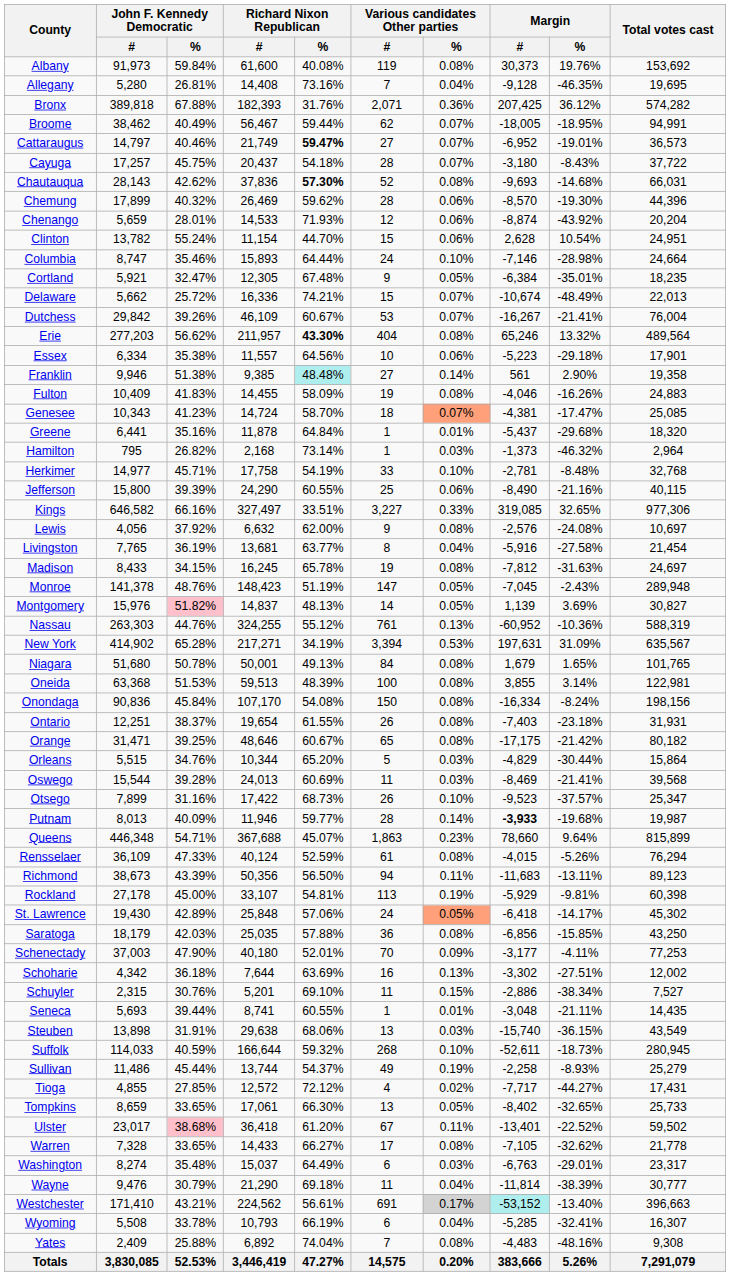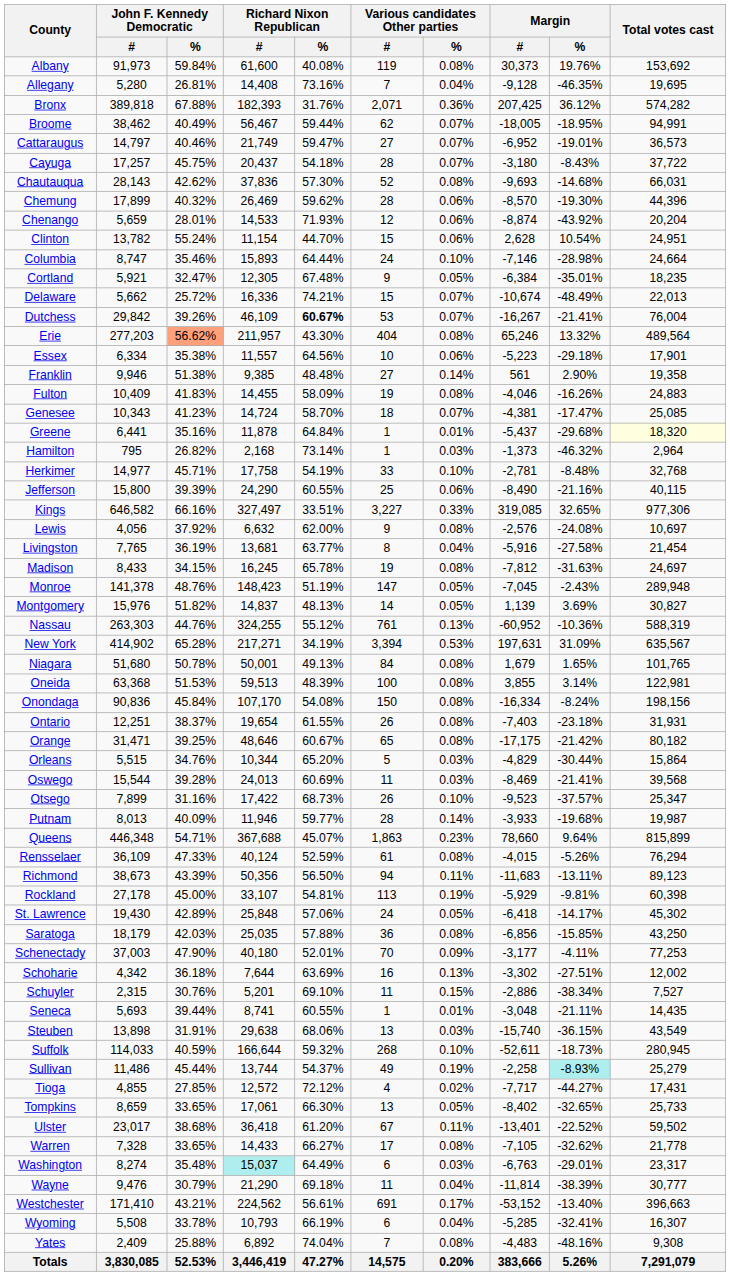 <table width="60%"  class="wikitable sortable" style="text-align:center">
 <tr>
 <th style="text-align:center;" rowspan="2">County</th>
 <th style="text-align:center;" colspan="2">John F. Kennedy<br>Democratic</th>
 <th style="text-align:center;" colspan="2">Richard Nixon<br>Republican</th>
 <th style="text-align:center;" colspan="2">Various candidates<br>Other parties</th>
 <th style="text-align:center;" colspan="2">Margin</th>
 <th style="text-align:center;" rowspan="2">Total votes cast</th>
 </tr>
 <tr>
 <th style="text-align:center;" data-sort-type="number">#</th>
 <th style="text-align:center;" data-sort-type="number">%</th>
 <th style="text-align:center;" data-sort-type="number">#</th>
 <th style="text-align:center;" data-sort-type="number">%</th>
 <th style="text-align:center;" data-sort-type="number">#</th>
 <th style="text-align:center;" data-sort-type="number">%</th>
 <th style="text-align:center;" data-sort-type="number">#</th>
 <th style="text-align:center;" data-sort-type="number">%</th>
 </tr>
 <tr style="text-align:center;">
 <td><a href='#'>Albany</a></td>
 <td>91,973</td>
 <td>59.84%</td>
 <td>61,600</td>
 <td>40.08%</td>
 <td>119</td>
 <td>0.08%</td>
 <td>30,373</td>
 <td>19.76%</td>
 <td>153,692</td>
 </tr>
 <tr style="text-align:center;">
 <td><a href='#'>Allegany</a></td>
 <td>5,280</td>
 <td>26.81%</td>
 <td>14,408</td>
 <td>73.16%</td>
 <td>7</td>
 <td>0.04%</td>
 <td>-9,128</td>
 <td>-46.35%</td>
 <td>19,695</td>
 </tr>
 <tr style="text-align:center;">
 <td><a href='#'>Bronx</a></td>
 <td>389,818</td>
 <td>67.88%</td>
 <td>182,393</td>
 <td>31.76%</td>
 <td>2,071</td>
 <td>0.36%</td>
 <td>207,425</td>
 <td>36.12%</td>
 <td>574,282</td>
 </tr>
 <tr style="text-align:center;">
 <td><a href='#'>Broome</a></td>
 <td>38,462</td>
 <td>40.49%</td>
 <td>56,467</td>
 <td>59.44%</td>
 <td>62</td>
 <td>0.07%</td>
 <td>-18,005</td>
 <td>-18.95%</td>
 <td>94,991</td>
 </tr>
 <tr style="text-align:center;">
 <td><a href='#'>Cattaraugus</a></td>
 <td>14,797</td>
 <td>40.46%</td>
 <td>21,749</td>
-<td><strong>59.47%</strong></td>
+<td>59.47%</td>
 <td>27</td>
 <td>0.07%</td>
 <td>-6,952</td>
 <td>-19.01%</td>
 <td>36,573</td>
 </tr>
 <tr style="text-align:center;">
 <td><a href='#'>Cayuga</a></td>
 <td>17,257</td>
 <td>45.75%</td>
 <td>20,437</td>
 <td>54.18%</td>
 <td>28</td>
 <td>0.07%</td>
 <td>-3,180</td>
 <td>-8.43%</td>
 <td>37,722</td>
 </tr>
 <tr style="text-align:center;">
 <td><a href='#'>Chautauqua</a></td>
 <td>28,143</td>
 <td>42.62%</td>
 <td>37,836</td>
-<td><strong>57.30%</strong></td>
+<td>57.30%</td>
 <td>52</td>
 <td>0.08%</td>
 <td>-9,693</td>
 <td>-14.68%</td>
 <td>66,031</td>
 </tr>
 <tr style="text-align:center;">
 <td><a href='#'>Chemung</a></td>
 <td>17,899</td>
 <td>40.32%</td>
 <td>26,469</td>
 <td>59.62%</td>
 <td>28</td>
 <td>0.06%</td>
 <td>-8,570</td>
 <td>-19.30%</td>
 <td>44,396</td>
 </tr>
 <tr style="text-align:center;">
 <td><a href='#'>Chenango</a></td>
 <td>5,659</td>
 <td>28.01%</td>
 <td>14,533</td>
 <td>71.93%</td>
 <td>12</td>
 <td>0.06%</td>
 <td>-8,874</td>
 <td>-43.92%</td>
 <td>20,204</td>
 </tr>
 <tr style="text-align:center;">
 <td><a href='#'>Clinton</a></td>
 <td>13,782</td>
 <td>55.24%</td>
 <td>11,154</td>
 <td>44.70%</td>
 <td>15</td>
 <td>0.06%</td>
 <td>2,628</td>
 <td>10.54%</td>
 <td>24,951</td>
 </tr>
 <tr style="text-align:center;">
 <td><a href='#'>Columbia</a></td>
 <td>8,747</td>
 <td>35.46%</td>
 <td>15,893</td>
 <td>64.44%</td>
 <td>24</td>
 <td>0.10%</td>
 <td>-7,146</td>
 <td>-28.98%</td>
 <td>24,664</td>
 </tr>
 <tr style="text-align:center;">
 <td><a href='#'>Cortland</a></td>
 <td>5,921</td>
 <td>32.47%</td>
 <td>12,305</td>
 <td>67.48%</td>
 <td>9</td>
 <td>0.05%</td>
 <td>-6,384</td>
 <td>-35.01%</td>
 <td>18,235</td>
 </tr>
 <tr style="text-align:center;">
 <td><a href='#'>Delaware</a></td>
 <td>5,662</td>
 <td>25.72%</td>
 <td>16,336</td>
 <td>74.21%</td>
 <td>15</td>
 <td>0.07%</td>
 <td>-10,674</td>
 <td>-48.49%</td>
 <td>22,013</td>
 </tr>
 <tr style="text-align:center;">
 <td><a href='#'>Dutchess</a></td>
 <td>29,842</td>
 <td>39.26%</td>
 <td>46,109</td>
-<td>60.67%</td>
+<td><strong>60.67%</strong></td>
 <td>53</td>
 <td>0.07%</td>
 <td>-16,267</td>
 <td>-21.41%</td>
 <td>76,004</td>
 </tr>
 <tr style="text-align:center;">
 <td><a href='#'>Erie</a></td>
 <td>277,203</td>
-<td>56.62%</td>
+<td style="background: lightsalmon;">56.62%</td>
 <td>211,957</td>
-<td><strong>43.30%</strong></td>
+<td>43.30%</td>
 <td>404</td>
 <td>0.08%</td>
 <td>65,246</td>
 <td>13.32%</td>
 <td>489,564</td>
 </tr>
 <tr style="text-align:center;">
 <td><a href='#'>Essex</a></td>
 <td>6,334</td>
 <td>35.38%</td>
 <td>11,557</td>
 <td>64.56%</td>
 <td>10</td>
 <td>0.06%</td>
 <td>-5,223</td>
 <td>-29.18%</td>
 <td>17,901</td>
 </tr>
 <tr style="text-align:center;">
 <td><a href='#'>Franklin</a></td>
 <td>9,946</td>
 <td>51.38%</td>
 <td>9,385</td>
-<td style="background: paleturquoise;">48.48%</td>
+<td>48.48%</td>
 <td>27</td>
 <td>0.14%</td>
 <td>561</td>
 <td>2.90%</td>
 <td>19,358</td>
 </tr>
 <tr style="text-align:center;">
 <td><a href='#'>Fulton</a></td>
 <td>10,409</td>
 <td>41.83%</td>
 <td>14,455</td>
 <td>58.09%</td>
 <td>19</td>
 <td>0.08%</td>
 <td>-4,046</td>
 <td>-16.26%</td>
 <td>24,883</td>
 </tr>
 <tr style="text-align:center;">
 <td><a href='#'>Genesee</a></td>
 <td>10,343</td>
 <td>41.23%</td>
 <td>14,724</td>
 <td>58.70%</td>
 <td>18</td>
-<td style="background: lightsalmon;">0.07%</td>
+<td>0.07%</td>
 <td>-4,381</td>
 <td>-17.47%</td>
 <td>25,085</td>
 </tr>
 <tr style="text-align:center;">
 <td><a href='#'>Greene</a></td>
 <td>6,441</td>
 <td>35.16%</td>
 <td>11,878</td>
 <td>64.84%</td>
 <td>1</td>
 <td>0.01%</td>
 <td>-5,437</td>
 <td>-29.68%</td>
-<td>18,320</td>
+<td style="background: lightyellow;">18,320</td>
 </tr>
 <tr style="text-align:center;">
 <td><a href='#'>Hamilton</a></td>
 <td>795</td>
 <td>26.82%</td>
 <td>2,168</td>
 <td>73.14%</td>
 <td>1</td>
 <td>0.03%</td>
 <td>-1,373</td>
 <td>-46.32%</td>
 <td>2,964</td>
 </tr>
 <tr style="text-align:center;">
 <td><a href='#'>Herkimer</a></td>
 <td>14,977</td>
 <td>45.71%</td>
 <td>17,758</td>
 <td>54.19%</td>
 <td>33</td>
 <td>0.10%</td>
 <td>-2,781</td>
 <td>-8.48%</td>
 <td>32,768</td>
 </tr>
 <tr style="text-align:center;">
 <td><a href='#'>Jefferson</a></td>
 <td>15,800</td>
 <td>39.39%</td>
 <td>24,290</td>
 <td>60.55%</td>
 <td>25</td>
 <td>0.06%</td>
 <td>-8,490</td>
 <td>-21.16%</td>
 <td>40,115</td>
 </tr>
 <tr style="text-align:center;">
 <td><a href='#'>Kings</a></td>
 <td>646,582</td>
 <td>66.16%</td>
 <td>327,497</td>
 <td>33.51%</td>
 <td>3,227</td>
 <td>0.33%</td>
 <td>319,085</td>
 <td>32.65%</td>
 <td>977,306</td>
 </tr>
 <tr style="text-align:center;">
 <td><a href='#'>Lewis</a></td>
 <td>4,056</td>
 <td>37.92%</td>
 <td>6,632</td>
 <td>62.00%</td>
 <td>9</td>
 <td>0.08%</td>
 <td>-2,576</td>
 <td>-24.08%</td>
 <td>10,697</td>
 </tr>
 <tr style="text-align:center;">
 <td><a href='#'>Livingston</a></td>
 <td>7,765</td>
 <td>36.19%</td>
 <td>13,681</td>
 <td>63.77%</td>
 <td>8</td>
 <td>0.04%</td>
 <td>-5,916</td>
 <td>-27.58%</td>
 <td>21,454</td>
 </tr>
 <tr style="text-align:center;">
 <td><a href='#'>Madison</a></td>
 <td>8,433</td>
 <td>34.15%</td>
 <td>16,245</td>
 <td>65.78%</td>
 <td>19</td>
 <td>0.08%</td>
 <td>-7,812</td>
 <td>-31.63%</td>
 <td>24,697</td>
 </tr>
 <tr style="text-align:center;">
 <td><a href='#'>Monroe</a></td>
 <td>141,378</td>
 <td>48.76%</td>
 <td>148,423</td>
 <td>51.19%</td>
 <td>147</td>
 <td>0.05%</td>
 <td>-7,045</td>
 <td>-2.43%</td>
 <td>289,948</td>
 </tr>
 <tr style="text-align:center;">
 <td><a href='#'>Montgomery</a></td>
 <td>15,976</td>
-<td style="background: pink;">51.82%</td>
+<td>51.82%</td>
 <td>14,837</td>
 <td>48.13%</td>
 <td>14</td>
 <td>0.05%</td>
 <td>1,139</td>
 <td>3.69%</td>
 <td>30,827</td>
 </tr>
 <tr style="text-align:center;">
 <td><a href='#'>Nassau</a></td>
 <td>263,303</td>
 <td>44.76%</td>
 <td>324,255</td>
 <td>55.12%</td>
 <td>761</td>
 <td>0.13%</td>
 <td>-60,952</td>
 <td>-10.36%</td>
 <td>588,319</td>
 </tr>
 <tr style="text-align:center;">
 <td><a href='#'>New York</a></td>
 <td>414,902</td>
 <td>65.28%</td>
 <td>217,271</td>
 <td>34.19%</td>
 <td>3,394</td>
 <td>0.53%</td>
 <td>197,631</td>
 <td>31.09%</td>
 <td>635,567</td>
 </tr>
 <tr style="text-align:center;">
 <td><a href='#'>Niagara</a></td>
 <td>51,680</td>
 <td>50.78%</td>
 <td>50,001</td>
 <td>49.13%</td>
 <td>84</td>
 <td>0.08%</td>
 <td>1,679</td>
 <td>1.65%</td>
 <td>101,765</td>
 </tr>
 <tr style="text-align:center;">
 <td><a href='#'>Oneida</a></td>
 <td>63,368</td>
 <td>51.53%</td>
 <td>59,513</td>
 <td>48.39%</td>
 <td>100</td>
 <td>0.08%</td>
 <td>3,855</td>
 <td>3.14%</td>
 <td>122,981</td>
 </tr>
 <tr style="text-align:center;">
 <td><a href='#'>Onondaga</a></td>
 <td>90,836</td>
 <td>45.84%</td>
 <td>107,170</td>
 <td>54.08%</td>
 <td>150</td>
 <td>0.08%</td>
 <td>-16,334</td>
 <td>-8.24%</td>
 <td>198,156</td>
 </tr>
 <tr style="text-align:center;">
 <td><a href='#'>Ontario</a></td>
 <td>12,251</td>
 <td>38.37%</td>
 <td>19,654</td>
 <td>61.55%</td>
 <td>26</td>
 <td>0.08%</td>
 <td>-7,403</td>
 <td>-23.18%</td>
 <td>31,931</td>
 </tr>
 <tr style="text-align:center;">
 <td><a href='#'>Orange</a></td>
 <td>31,471</td>
 <td>39.25%</td>
 <td>48,646</td>
 <td>60.67%</td>
 <td>65</td>
 <td>0.08%</td>
 <td>-17,175</td>
 <td>-21.42%</td>
 <td>80,182</td>
 </tr>
 <tr style="text-align:center;">
 <td><a href='#'>Orleans</a></td>
 <td>5,515</td>
 <td>34.76%</td>
 <td>10,344</td>
 <td>65.20%</td>
 <td>5</td>
 <td>0.03%</td>
 <td>-4,829</td>
 <td>-30.44%</td>
 <td>15,864</td>
 </tr>
 <tr style="text-align:center;">
 <td><a href='#'>Oswego</a></td>
 <td>15,544</td>
 <td>39.28%</td>
 <td>24,013</td>
 <td>60.69%</td>
 <td>11</td>
 <td>0.03%</td>
 <td>-8,469</td>
 <td>-21.41%</td>
 <td>39,568</td>
 </tr>
 <tr style="text-align:center;">
 <td><a href='#'>Otsego</a></td>
 <td>7,899</td>
 <td>31.16%</td>
 <td>17,422</td>
 <td>68.73%</td>
 <td>26</td>
 <td>0.10%</td>
 <td>-9,523</td>
 <td>-37.57%</td>
 <td>25,347</td>
 </tr>
 <tr style="text-align:center;">
 <td><a href='#'>Putnam</a></td>
 <td>8,013</td>
 <td>40.09%</td>
 <td>11,946</td>
 <td>59.77%</td>
 <td>28</td>
 <td>0.14%</td>
-<td><strong>-3,933</strong></td>
+<td>-3,933</td>
 <td>-19.68%</td>
 <td>19,987</td>
 </tr>
 <tr style="text-align:center;">
 <td><a href='#'>Queens</a></td>
 <td>446,348</td>
 <td>54.71%</td>
 <td>367,688</td>
 <td>45.07%</td>
 <td>1,863</td>
 <td>0.23%</td>
 <td>78,660</td>
 <td>9.64%</td>
 <td>815,899</td>
 </tr>
 <tr style="text-align:center;">
 <td><a href='#'>Rensselaer</a></td>
 <td>36,109</td>
 <td>47.33%</td>
 <td>40,124</td>
 <td>52.59%</td>
 <td>61</td>
 <td>0.08%</td>
 <td>-4,015</td>
 <td>-5.26%</td>
 <td>76,294</td>
 </tr>
 <tr style="text-align:center;">
 <td><a href='#'>Richmond</a></td>
 <td>38,673</td>
 <td>43.39%</td>
 <td>50,356</td>
 <td>56.50%</td>
 <td>94</td>
 <td>0.11%</td>
 <td>-11,683</td>
 <td>-13.11%</td>
 <td>89,123</td>
 </tr>
 <tr style="text-align:center;">
 <td><a href='#'>Rockland</a></td>
 <td>27,178</td>
 <td>45.00%</td>
 <td>33,107</td>
 <td>54.81%</td>
 <td>113</td>
 <td>0.19%</td>
 <td>-5,929</td>
 <td>-9.81%</td>
 <td>60,398</td>
 </tr>
 <tr style="text-align:center;">
 <td><a href='#'>St. Lawrence</a></td>
 <td>19,430</td>
 <td>42.89%</td>
 <td>25,848</td>
 <td>57.06%</td>
 <td>24</td>
-<td style="background: lightsalmon;">0.05%</td>
+<td>0.05%</td>
 <td>-6,418</td>
 <td>-14.17%</td>
 <td>45,302</td>
 </tr>
 <tr style="text-align:center;">
 <td><a href='#'>Saratoga</a></td>
 <td>18,179</td>
 <td>42.03%</td>
 <td>25,035</td>
 <td>57.88%</td>
 <td>36</td>
 <td>0.08%</td>
 <td>-6,856</td>
 <td>-15.85%</td>
 <td>43,250</td>
 </tr>
 <tr style="text-align:center;">
 <td><a href='#'>Schenectady</a></td>
 <td>37,003</td>
 <td>47.90%</td>
 <td>40,180</td>
 <td>52.01%</td>
 <td>70</td>
 <td>0.09%</td>
 <td>-3,177</td>
 <td>-4.11%</td>
 <td>77,253</td>
 </tr>
 <tr style="text-align:center;">
 <td><a href='#'>Schoharie</a></td>
 <td>4,342</td>
 <td>36.18%</td>
 <td>7,644</td>
 <td>63.69%</td>
 <td>16</td>
 <td>0.13%</td>
 <td>-3,302</td>
 <td>-27.51%</td>
 <td>12,002</td>
 </tr>
 <tr style="text-align:center;">
 <td><a href='#'>Schuyler</a></td>
 <td>2,315</td>
 <td>30.76%</td>
 <td>5,201</td>
 <td>69.10%</td>
 <td>11</td>
 <td>0.15%</td>
 <td>-2,886</td>
 <td>-38.34%</td>
 <td>7,527</td>
 </tr>
 <tr style="text-align:center;">
 <td><a href='#'>Seneca</a></td>
 <td>5,693</td>
 <td>39.44%</td>
 <td>8,741</td>
 <td>60.55%</td>
 <td>1</td>
 <td>0.01%</td>
 <td>-3,048</td>
 <td>-21.11%</td>
 <td>14,435</td>
 </tr>
 <tr style="text-align:center;">
 <td><a href='#'>Steuben</a></td>
 <td>13,898</td>
 <td>31.91%</td>
 <td>29,638</td>
 <td>68.06%</td>
 <td>13</td>
 <td>0.03%</td>
 <td>-15,740</td>
 <td>-36.15%</td>
 <td>43,549</td>
 </tr>
 <tr style="text-align:center;">
 <td><a href='#'>Suffolk</a></td>
 <td>114,033</td>
 <td>40.59%</td>
 <td>166,644</td>
 <td>59.32%</td>
 <td>268</td>
 <td>0.10%</td>
 <td>-52,611</td>
 <td>-18.73%</td>
 <td>280,945</td>
 </tr>
 <tr style="text-align:center;">
 <td><a href='#'>Sullivan</a></td>
 <td>11,486</td>
 <td>45.44%</td>
 <td>13,744</td>
 <td>54.37%</td>
 <td>49</td>
 <td>0.19%</td>
 <td>-2,258</td>
-<td>-8.93%</td>
+<td style="background: paleturquoise;">-8.93%</td>
 <td>25,279</td>
 </tr>
 <tr style="text-align:center;">
 <td><a href='#'>Tioga</a></td>
 <td>4,855</td>
 <td>27.85%</td>
 <td>12,572</td>
 <td>72.12%</td>
 <td>4</td>
 <td>0.02%</td>
 <td>-7,717</td>
 <td>-44.27%</td>
 <td>17,431</td>
 </tr>
 <tr style="text-align:center;">
 <td><a href='#'>Tompkins</a></td>
 <td>8,659</td>
 <td>33.65%</td>
 <td>17,061</td>
 <td>66.30%</td>
 <td>13</td>
 <td>0.05%</td>
 <td>-8,402</td>
 <td>-32.65%</td>
 <td>25,733</td>
 </tr>
 <tr style="text-align:center;">
 <td><a href='#'>Ulster</a></td>
 <td>23,017</td>
-<td style="background: pink;">38.68%</td>
+<td>38.68%</td>
 <td>36,418</td>
 <td>61.20%</td>
 <td>67</td>
 <td>0.11%</td>
 <td>-13,401</td>
 <td>-22.52%</td>
 <td>59,502</td>
 </tr>
 <tr style="text-align:center;">
 <td><a href='#'>Warren</a></td>
 <td>7,328</td>
 <td>33.65%</td>
 <td>14,433</td>
 <td>66.27%</td>
 <td>17</td>
 <td>0.08%</td>
 <td>-7,105</td>
 <td>-32.62%</td>
 <td>21,778</td>
 </tr>
 <tr style="text-align:center;">
 <td><a href='#'>Washington</a></td>
 <td>8,274</td>
 <td>35.48%</td>
-<td>15,037</td>
+<td style="background: paleturquoise;">15,037</td>
 <td>64.49%</td>
 <td>6</td>
 <td>0.03%</td>
 <td>-6,763</td>
 <td>-29.01%</td>
 <td>23,317</td>
 </tr>
 <tr style="text-align:center;">
 <td><a href='#'>Wayne</a></td>
 <td>9,476</td>
 <td>30.79%</td>
 <td>21,290</td>
 <td>69.18%</td>
 <td>11</td>
 <td>0.04%</td>
 <td>-11,814</td>
 <td>-38.39%</td>
 <td>30,777</td>
 </tr>
 <tr style="text-align:center;">
 <td><a href='#'>Westchester</a></td>
 <td>171,410</td>
 <td>43.21%</td>
 <td>224,562</td>
 <td>56.61%</td>
 <td>691</td>
-<td style="background: lightgrey;">0.17%</td>
-<td style="background: paleturquoise;">-53,152</td>
+<td>0.17%</td>
+<td>-53,152</td>
 <td>-13.40%</td>
 <td>396,663</td>
 </tr>
 <tr style="text-align:center;">
 <td><a href='#'>Wyoming</a></td>
 <td>5,508</td>
 <td>33.78%</td>
 <td>10,793</td>
 <td>66.19%</td>
 <td>6</td>
 <td>0.04%</td>
 <td>-5,285</td>
 <td>-32.41%</td>
 <td>16,307</td>
 </tr>
 <tr style="text-align:center;">
 <td><a href='#'>Yates</a></td>
 <td>2,409</td>
 <td>25.88%</td>
 <td>6,892</td>
 <td>74.04%</td>
 <td>7</td>
 <td>0.08%</td>
 <td>-4,483</td>
 <td>-48.16%</td>
 <td>9,308</td>
 </tr>
 <tr style="text-align:center;">
 <th>Totals</th>
 <th>3,830,085</th>
 <th>52.53%</th>
 <th>3,446,419</th>
 <th>47.27%</th>
 <th>14,575</th>
 <th>0.20%</th>
 <th>383,666</th>
 <th>5.26%</th>
 <th>7,291,079</th>
 </tr>
 </table>
